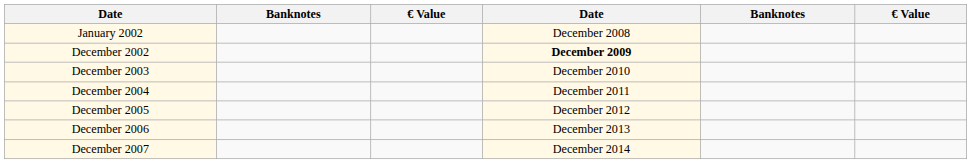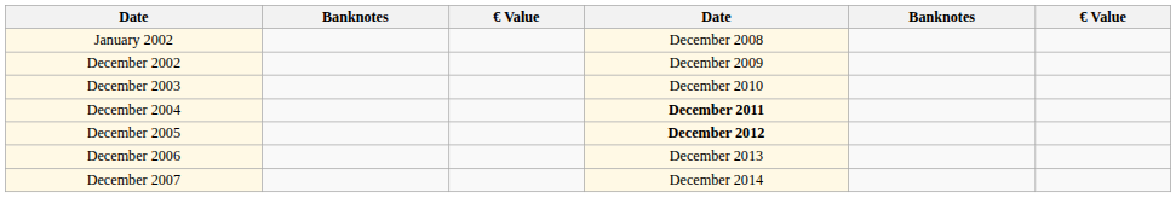 <table class="wikitable" style="border-collapse:collapse" width="80%">
 <tr>
 <th scope="col">Date</th>
 <th scope="col">Banknotes</th>
 <th scope="col">€ Value</th>
 <th scope="col">Date</th>
 <th scope="col">Banknotes</th>
 <th scope="col">€ Value</th>
 </tr>
 <tr align="center">
 <td style="background-color:#FFF9E5;">January 2002</td>
 <td></td>
 <td></td>
 <td style="background-color:#FFF9E5;">December 2008</td>
 <td></td>
 <td></td>
 </tr>
 <tr align="center">
 <td style="background-color:#FFF9E5;">December 2002</td>
 <td></td>
 <td></td>
-<td style="background-color:#FFF9E5;"><strong>December 2009</strong></td>
+<td style="background-color:#FFF9E5;">December 2009</td>
 <td></td>
 <td></td>
 </tr>
 <tr align="center">
 <td style="background-color:#FFF9E5;">December 2003</td>
 <td></td>
 <td></td>
 <td style="background-color:#FFF9E5;">December 2010</td>
 <td></td>
 <td></td>
 </tr>
 <tr align="center">
 <td style="background-color:#FFF9E5;">December 2004</td>
 <td></td>
 <td></td>
-<td style="background-color:#FFF9E5;">December 2011</td>
+<td style="background-color:#FFF9E5;"><strong>December 2011</strong></td>
 <td></td>
 <td></td>
 </tr>
 <tr align="center">
 <td style="background-color:#FFF9E5;">December 2005</td>
 <td></td>
 <td></td>
-<td style="background-color:#FFF9E5;">December 2012</td>
+<td style="background-color:#FFF9E5;"><strong>December 2012</strong></td>
 <td></td>
 <td></td>
 </tr>
 <tr align="center">
 <td style="background-color:#FFF9E5;">December 2006</td>
 <td></td>
 <td></td>
 <td style="background-color:#FFF9E5;">December 2013</td>
 <td></td>
 <td></td>
 </tr>
 <tr align="center">
 <td style="background-color:#FFF9E5;">December 2007</td>
 <td></td>
 <td></td>
 <td style="background-color:#FFF9E5;">December 2014</td>
 <td></td>
 <td></td>
 </tr>
 </table>
